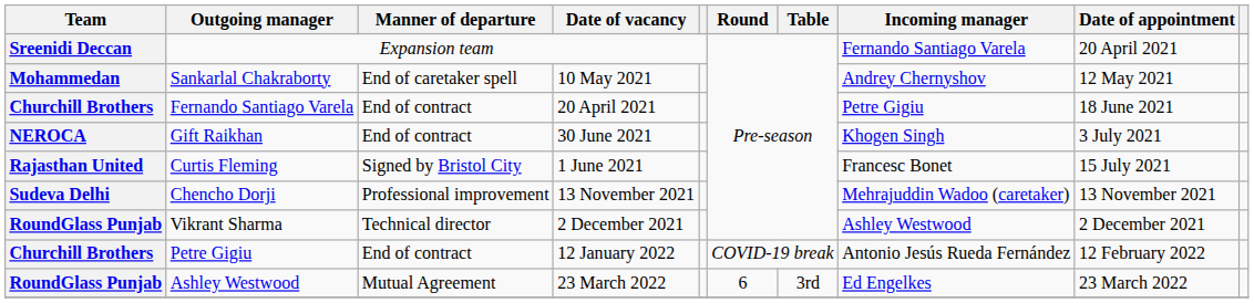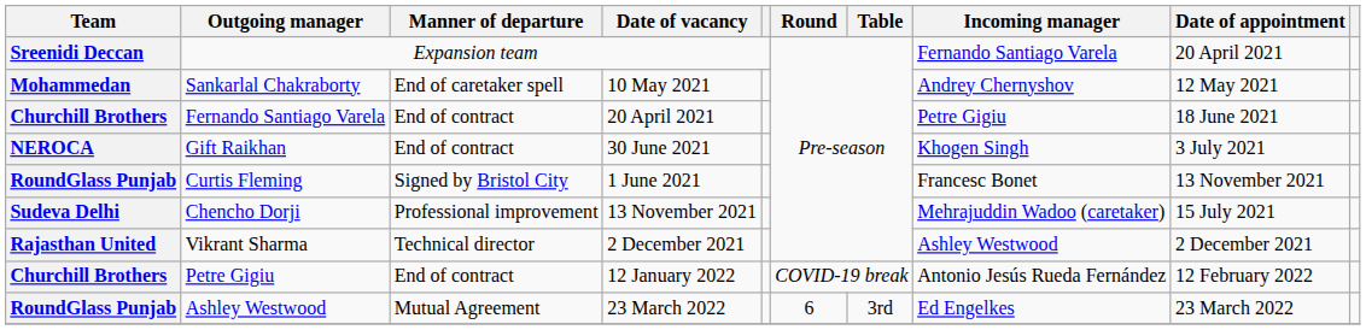 <table class="wikitable sortable" style="text-align: left; font-size:85%">
 <tr>
 <th scope=col>Team</th>
 <th scope=col>Outgoing manager</th>
 <th scope=col>Manner of departure</th>
 <th scope=col>Date of vacancy</th>
 <th scope=col class=unsortable></th>
 <th scope=col>Round</th>
 <th scope=col>Table</th>
 <th scope=col>Incoming manager</th>
 <th scope=col>Date of appointment</th>
 <th scope=col class=unsortable></th>
 </tr>
 <tr>
 <th scope=row style="text-align: left;"><a href='#'>Sreenidi Deccan</a></th>
 <td colspan="4" align="center"><em>Expansion team</em></td>
 <td rowspan=7 align="center" colspan=2><em>Pre-season</em></td>
 <td>  <a href='#'>Fernando Santiago Varela</a></td>
 <td>20 April 2021</td>
 <td></td>
 </tr>
 <tr>
 <th scope=row style="text-align: left;"><a href='#'>Mohammedan</a></th>
 <td> <a href='#'>Sankarlal Chakraborty</a></td>
 <td rowspan="1">End of caretaker spell</td>
 <td>10 May 2021</td>
 <td></td>
 <td> <a href='#'>Andrey Chernyshov</a></td>
 <td>12 May 2021</td>
 <td></td>
 </tr>
 <tr>
 <th scope=row style="text-align: left;"><a href='#'>Churchill Brothers</a></th>
 <td> <a href='#'>Fernando Santiago Varela</a></td>
 <td rowspan="1">End of contract</td>
 <td>20 April 2021</td>
 <td></td>
 <td> <a href='#'>Petre Gigiu</a></td>
 <td>18 June 2021</td>
 <td></td>
 </tr>
 <tr>
 <th scope=row style="text-align: left;"><a href='#'>NEROCA</a></th>
 <td> <a href='#'>Gift Raikhan</a></td>
 <td rowspan="1">End of contract</td>
 <td>30 June 2021</td>
 <td></td>
 <td> <a href='#'>Khogen Singh</a></td>
 <td>3 July 2021</td>
 <td></td>
 </tr>
 <tr>
-<th scope=row style="text-align: left;"><a href='#'>Rajasthan United</a></th>
+<th scope=row style="text-align: left;"><a href='#'>RoundGlass Punjab</a></th>
 <td> <a href='#'>Curtis Fleming</a></td>
 <td rowspan="1">Signed by <a href='#'>Bristol City</a></td>
 <td>1 June 2021</td>
 <td></td>
 <td> Francesc Bonet</td>
-<td>15 July 2021</td>
+<td>13 November 2021</td>
 <td></td>
 </tr>
 <tr>
 <th scope=row style="text-align: left;"><a href='#'>Sudeva Delhi</a></th>
 <td> <a href='#'>Chencho Dorji</a></td>
 <td rowspan="1">Professional improvement</td>
 <td>13 November 2021</td>
 <td></td>
 <td> <a href='#'>Mehrajuddin Wadoo</a> (<a href='#'>caretaker</a>)</td>
-<td>13 November 2021</td>
+<td>15 July 2021</td>
 <td></td>
 </tr>
 <tr>
-<th scope=row style="text-align: left;"><a href='#'>RoundGlass Punjab</a></th>
+<th scope=row style="text-align: left;"><a href='#'>Rajasthan United</a></th>
 <td> Vikrant Sharma</td>
 <td rowspan="1">Technical director</td>
 <td>2 December 2021</td>
 <td></td>
 <td> <a href='#'>Ashley Westwood</a></td>
 <td>2 December 2021</td>
 <td></td>
 </tr>
 <tr>
 <th scope=row style="text-align: left;"><a href='#'>Churchill Brothers</a></th>
 <td> <a href='#'>Petre Gigiu</a></td>
 <td rowspan="1">End of contract</td>
 <td>12 January 2022</td>
 <td></td>
 <td colspan="2" align="center"><em>COVID-19 break</em></td>
 <td> Antonio Jesús Rueda Fernández</td>
 <td>12 February 2022</td>
 </tr>
 <tr>
 <th scope=row style="text-align: left;"><a href='#'>RoundGlass Punjab</a></th>
 <td> <a href='#'>Ashley Westwood</a></td>
 <td rowspan="1">Mutual Agreement</td>
 <td>23 March 2022</td>
 <td></td>
 <td align="center">6</td>
 <td align="center">3rd</td>
 <td> <a href='#'>Ed Engelkes</a></td>
 <td>23 March 2022</td>
 <td></td>
 </tr>
 <tr>
 </tr>
 </table>
